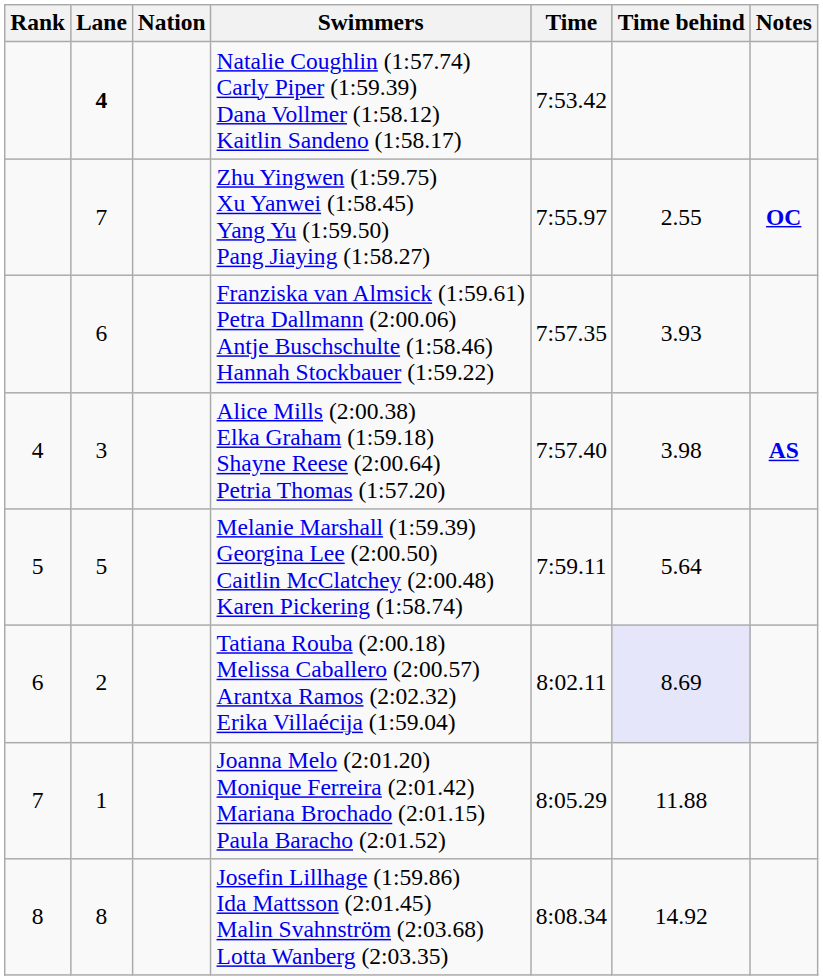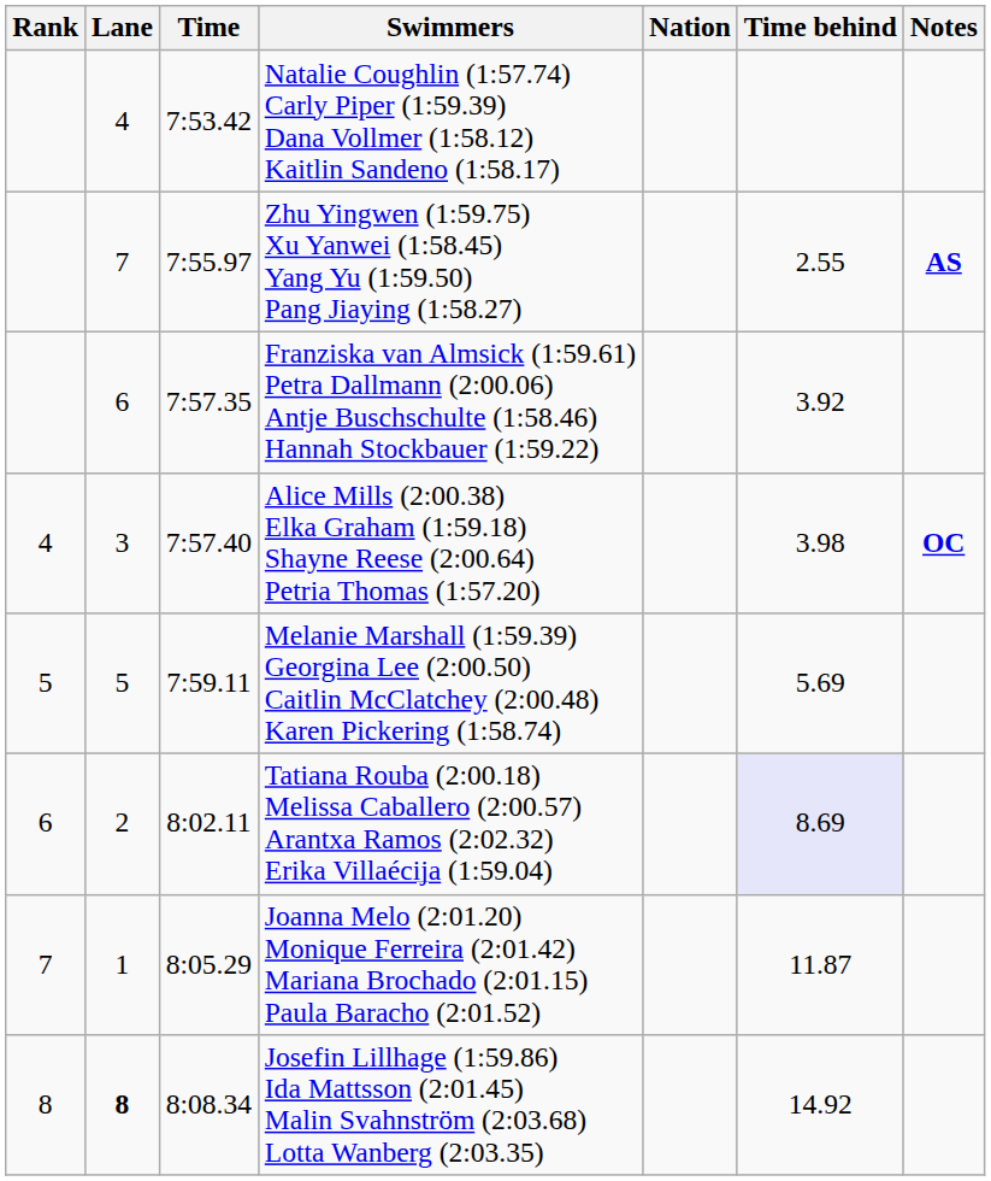 <table class="wikitable sortable" style="text-align:center">
 <tr>
 <th>Rank</th>
 <th>Lane</th>
+<th>Time</th>
+<th>Swimmers</th>
 <th>Nation</th>
-<th>Swimmers</th>
-<th>Time</th>
 <th>Time behind</th>
 <th>Notes</th>
 </tr>
 <tr>
 <td></td>
-<td><strong>4</strong></td>
+<td>4</td>
+<td>7:53.42</td>
+<td align=left><a href='#'>Natalie Coughlin</a> (1:57.74)<br><a href='#'>Carly Piper</a> (1:59.39)<br><a href='#'>Dana Vollmer</a> (1:58.12)<br><a href='#'>Kaitlin Sandeno</a> (1:58.17)</td>
 <td align=left></td>
-<td align=left><a href='#'>Natalie Coughlin</a> (1:57.74)<br><a href='#'>Carly Piper</a> (1:59.39)<br><a href='#'>Dana Vollmer</a> (1:58.12)<br><a href='#'>Kaitlin Sandeno</a> (1:58.17)</td>
-<td>7:53.42</td>
 <td></td>
 <td></td>
 </tr>
 <tr>
 <td></td>
 <td>7</td>
+<td>7:55.97</td>
+<td align=left><a href='#'>Zhu Yingwen</a> (1:59.75)<br><a href='#'>Xu Yanwei</a> (1:58.45)<br><a href='#'>Yang Yu</a> (1:59.50)<br><a href='#'>Pang Jiaying</a> (1:58.27)</td>
 <td align=left></td>
-<td align=left><a href='#'>Zhu Yingwen</a> (1:59.75)<br><a href='#'>Xu Yanwei</a> (1:58.45)<br><a href='#'>Yang Yu</a> (1:59.50)<br><a href='#'>Pang Jiaying</a> (1:58.27)</td>
-<td>7:55.97</td>
 <td>2.55</td>
-<td><strong><a href='#'>OC</a></strong></td>
+<td><strong><a href='#'>AS</a></strong></td>
 </tr>
 <tr>
 <td></td>
 <td>6</td>
+<td>7:57.35</td>
+<td align=left><a href='#'>Franziska van Almsick</a> (1:59.61)<br><a href='#'>Petra Dallmann</a> (2:00.06)<br><a href='#'>Antje Buschschulte</a> (1:58.46)<br><a href='#'>Hannah Stockbauer</a> (1:59.22)</td>
 <td align=left></td>
-<td align=left><a href='#'>Franziska van Almsick</a> (1:59.61)<br><a href='#'>Petra Dallmann</a> (2:00.06)<br><a href='#'>Antje Buschschulte</a> (1:58.46)<br><a href='#'>Hannah Stockbauer</a> (1:59.22)</td>
-<td>7:57.35</td>
-<td>3.93</td>
+<td>3.92</td>
 <td></td>
 </tr>
 <tr>
 <td>4</td>
 <td>3</td>
+<td>7:57.40</td>
+<td align=left><a href='#'>Alice Mills</a> (2:00.38)<br><a href='#'>Elka Graham</a> (1:59.18)<br><a href='#'>Shayne Reese</a> (2:00.64)<br><a href='#'>Petria Thomas</a> (1:57.20)</td>
 <td align=left></td>
-<td align=left><a href='#'>Alice Mills</a> (2:00.38)<br><a href='#'>Elka Graham</a> (1:59.18)<br><a href='#'>Shayne Reese</a> (2:00.64)<br><a href='#'>Petria Thomas</a> (1:57.20)</td>
-<td>7:57.40</td>
 <td>3.98</td>
-<td><strong><a href='#'>AS</a></strong></td>
+<td><strong><a href='#'>OC</a></strong></td>
 </tr>
 <tr>
 <td>5</td>
 <td>5</td>
+<td>7:59.11</td>
+<td align=left><a href='#'>Melanie Marshall</a> (1:59.39)<br><a href='#'>Georgina Lee</a> (2:00.50)<br><a href='#'>Caitlin McClatchey</a> (2:00.48)<br><a href='#'>Karen Pickering</a> (1:58.74)</td>
 <td align=left></td>
-<td align=left><a href='#'>Melanie Marshall</a> (1:59.39)<br><a href='#'>Georgina Lee</a> (2:00.50)<br><a href='#'>Caitlin McClatchey</a> (2:00.48)<br><a href='#'>Karen Pickering</a> (1:58.74)</td>
-<td>7:59.11</td>
-<td>5.64</td>
+<td>5.69</td>
 <td></td>
 </tr>
 <tr>
 <td>6</td>
 <td>2</td>
+<td>8:02.11</td>
+<td align=left><a href='#'>Tatiana Rouba</a> (2:00.18)<br><a href='#'>Melissa Caballero</a> (2:00.57)<br><a href='#'>Arantxa Ramos</a> (2:02.32)<br><a href='#'>Erika Villaécija</a> (1:59.04)</td>
 <td align=left></td>
-<td align=left><a href='#'>Tatiana Rouba</a> (2:00.18)<br><a href='#'>Melissa Caballero</a> (2:00.57)<br><a href='#'>Arantxa Ramos</a> (2:02.32)<br><a href='#'>Erika Villaécija</a> (1:59.04)</td>
-<td>8:02.11</td>
 <td style="background: lavender;">8.69</td>
 <td></td>
 </tr>
 <tr>
 <td>7</td>
 <td>1</td>
+<td>8:05.29</td>
+<td align=left><a href='#'>Joanna Melo</a> (2:01.20)<br><a href='#'>Monique Ferreira</a> (2:01.42)<br><a href='#'>Mariana Brochado</a> (2:01.15)<br><a href='#'>Paula Baracho</a> (2:01.52)</td>
 <td align=left></td>
-<td align=left><a href='#'>Joanna Melo</a> (2:01.20)<br><a href='#'>Monique Ferreira</a> (2:01.42)<br><a href='#'>Mariana Brochado</a> (2:01.15)<br><a href='#'>Paula Baracho</a> (2:01.52)</td>
-<td>8:05.29</td>
-<td>11.88</td>
+<td>11.87</td>
 <td></td>
 </tr>
 <tr>
 <td>8</td>
-<td>8</td>
+<td><strong>8</strong></td>
+<td>8:08.34</td>
+<td align=left><a href='#'>Josefin Lillhage</a> (1:59.86)<br><a href='#'>Ida Mattsson</a> (2:01.45)<br><a href='#'>Malin Svahnström</a> (2:03.68)<br><a href='#'>Lotta Wanberg</a> (2:03.35)</td>
 <td align=left></td>
-<td align=left><a href='#'>Josefin Lillhage</a> (1:59.86)<br><a href='#'>Ida Mattsson</a> (2:01.45)<br><a href='#'>Malin Svahnström</a> (2:03.68)<br><a href='#'>Lotta Wanberg</a> (2:03.35)</td>
-<td>8:08.34</td>
 <td>14.92</td>
 <td></td>
 </tr>
 </table>
